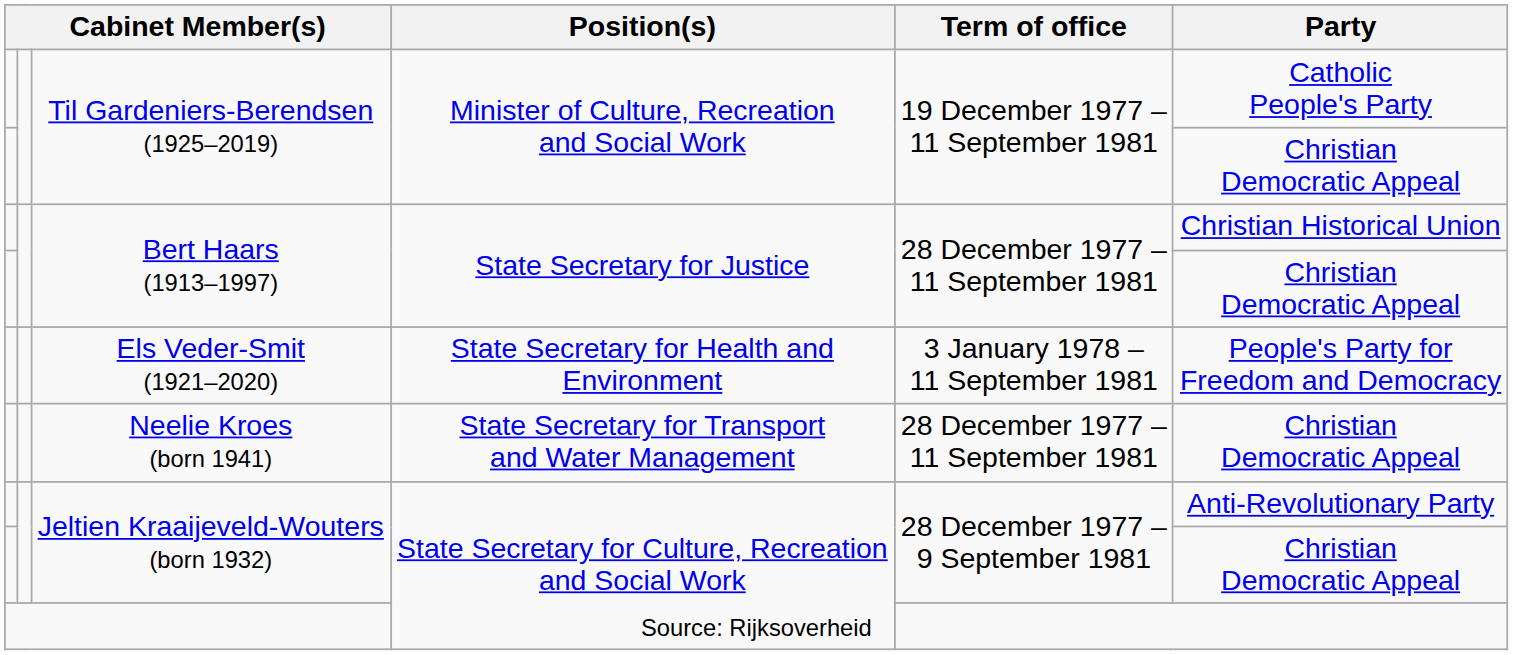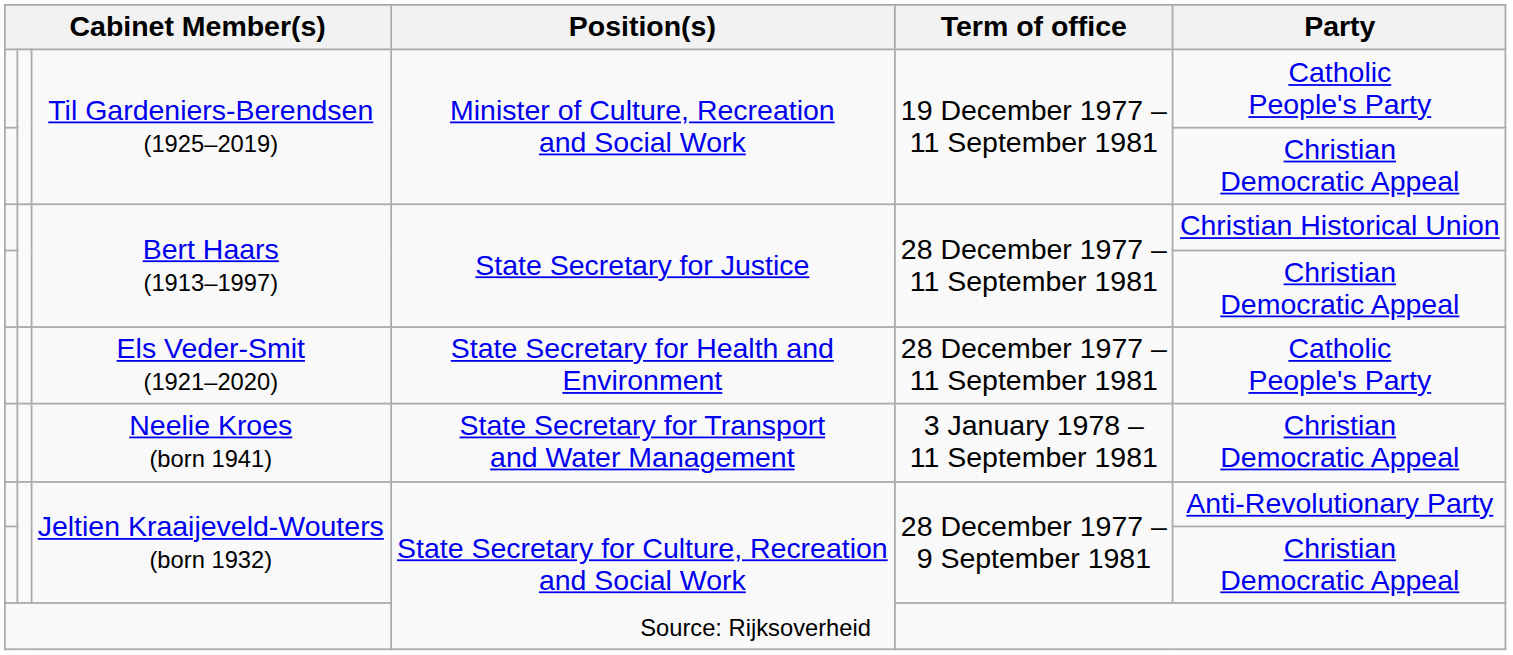 <table class="wikitable" style="text-align:center">
 <tr>
 <th colspan=3>Cabinet Member(s)</th>
 <th>Position(s)</th>
 <th>Term of office</th>
 <th>Party</th>
 </tr>
 <tr>
 <td style="background:"></td>
 <td rowspan=2></td>
 <td rowspan=2><a href='#'>Til Gardeniers-Berendsen</a> <br> <small>(1925–2019)</small></td>
 <td rowspan=2><a href='#'>Minister of Culture, Recreation <br> and Social Work</a></td>
 <td rowspan=2>19 December 1977 – <br> 11 September 1981</td>
 <td><a href='#'>Catholic <br> People's Party</a></td>
 </tr>
 <tr>
 <td style="background:"></td>
 <td><a href='#'>Christian <br> Democratic Appeal</a></td>
 </tr>
 <tr>
 <td style="background:"></td>
 <td rowspan=2></td>
 <td rowspan=2><a href='#'>Bert Haars</a> <br> <small>(1913–1997)</small></td>
 <td rowspan=2><a href='#'>State Secretary for Justice</a></td>
 <td rowspan=2>28 December 1977 – <br> 11 September 1981</td>
 <td><a href='#'>Christian Historical Union</a></td>
 </tr>
 <tr>
 <td style="background:"></td>
 <td><a href='#'>Christian <br> Democratic Appeal</a></td>
 </tr>
 <tr>
 <td style="background:"></td>
 <td></td>
 <td><a href='#'>Els Veder-Smit</a> <br> <small>(1921–2020)</small></td>
 <td><a href='#'>State Secretary for Health and <br> Environment</a></td>
-<td>3 January 1978 – <br> 11 September 1981</td>
-<td><a href='#'>People's Party for <br> Freedom and Democracy</a></td>
+<td>28 December 1977 – <br> 11 September 1981</td>
+<td><a href='#'>Catholic <br> People's Party</a></td>
 </tr>
 <tr>
 <td style="background:"></td>
 <td></td>
 <td><a href='#'>Neelie Kroes</a> <br> <small>(born 1941)</small></td>
 <td><a href='#'>State Secretary for Transport <br> and Water Management</a></td>
-<td>28 December 1977 – <br> 11 September 1981</td>
+<td>3 January 1978 – <br> 11 September 1981</td>
 <td><a href='#'>Christian <br> Democratic Appeal</a></td>
 </tr>
 <tr>
 <td style="background:"></td>
 <td rowspan=2></td>
 <td rowspan=2><a href='#'>Jeltien Kraaijeveld-Wouters</a> <br> <small>(born 1932)</small></td>
 <td rowspan=3><a href='#'>State Secretary for Culture, Recreation <br> and Social Work</a></td>
 <td rowspan=2>28 December 1977 – <br> 9 September 1981</td>
 <td><a href='#'>Anti-Revolutionary Party</a></td>
 </tr>
 <tr>
 <td style="background:"></td>
 <td><a href='#'>Christian <br> Democratic Appeal</a></td>
 </tr>
 <tr>
 <td colspan=9><small>Source:   Rijksoverheid</small></td>
 </tr>
 </table>
